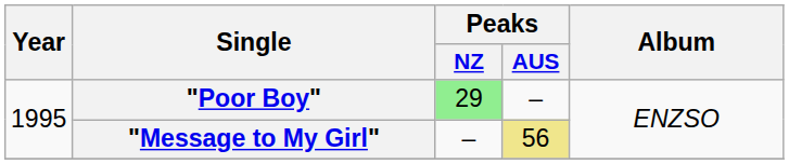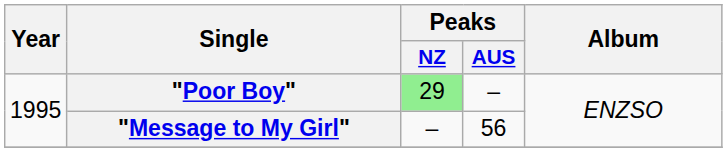 <table class="wikitable plainrowheaders" style="text-align:center">
 <tr>
 <th rowspan="2">Year</th>
 <th rowspan="2" width="225">Single</th>
 <th colspan="2">Peaks</th>
 <th rowspan="2" width="130">Album</th>
 </tr>
 <tr>
 <th scope="col" style="width:2.5em;font-size:90%;"><a href='#'>NZ</a><br></th>
 <th scope="col" style="width:2.5em;font-size:90%;"><a href='#'>AUS</a><br></th>
 </tr>
 <tr>
 <td rowspan="2">1995</td>
 <th scope="row">"<a href='#'>Poor Boy</a>"</th>
 <td style="background: lightgreen;">29</td>
 <td>–</td>
 <td rowspan="2"><em>ENZSO</em></td>
 </tr>
 <tr>
 <th scope="row">"<a href='#'>Message to My Girl</a>"</th>
 <td>–</td>
-<td style="background: khaki;">56</td>
+<td>56</td>
 </tr>
 <tr>
 </tr>
 </table>
